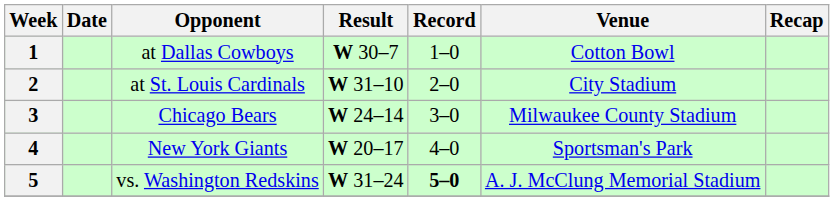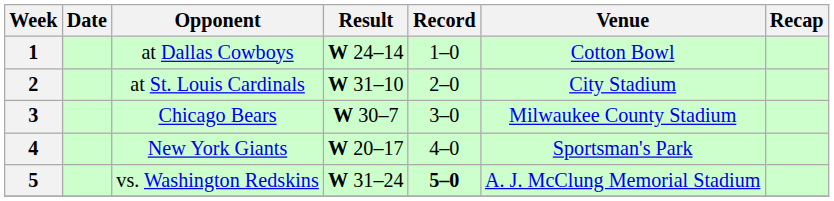 <table class="wikitable" style="text-align:center">
 <tr>
 <th>Week</th>
 <th>Date</th>
 <th>Opponent</th>
 <th>Result</th>
 <th>Record</th>
 <th>Venue</th>
 <th>Recap</th>
 </tr>
 <tr align="center"  style="background: #cfc;">
 <th>1</th>
 <td></td>
 <td>at <a href='#'>Dallas Cowboys</a></td>
-<td><strong>W</strong> 30–7</td>
+<td><strong>W</strong> 24–14</td>
 <td>1–0</td>
 <td><a href='#'>Cotton Bowl</a></td>
 <td> </td>
 </tr>
 <tr align="center"  style="background: #cfc;">
 <th>2</th>
 <td></td>
 <td>at <a href='#'>St. Louis Cardinals</a></td>
 <td><strong>W</strong> 31–10</td>
 <td>2–0</td>
 <td><a href='#'>City Stadium</a></td>
 <td> </td>
 </tr>
 <tr align="center"  style="background: #cfc">
 <th>3</th>
 <td></td>
 <td><a href='#'>Chicago Bears</a></td>
-<td><strong>W</strong> 24–14</td>
+<td><strong>W</strong> 30–7</td>
 <td>3–0</td>
 <td><a href='#'>Milwaukee County Stadium</a></td>
 <td> </td>
 </tr>
 <tr align="center"  style="background: #cfc;">
 <th>4</th>
 <td></td>
 <td><a href='#'>New York Giants</a></td>
 <td><strong>W</strong> 20–17</td>
 <td>4–0</td>
 <td><a href='#'>Sportsman's Park</a></td>
 <td> </td>
 </tr>
 <tr align="center"  style="background: #cfc;">
 <th>5</th>
 <td></td>
 <td>vs. <a href='#'>Washington Redskins</a></td>
 <td><strong>W</strong> 31–24</td>
 <td><strong>5–0</strong></td>
 <td><a href='#'>A. J. McClung Memorial Stadium</a></td>
 <td> </td>
 </tr>
 <tr>
 </tr>
 </table>
